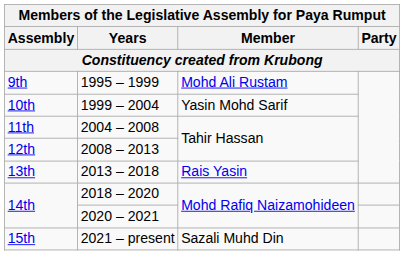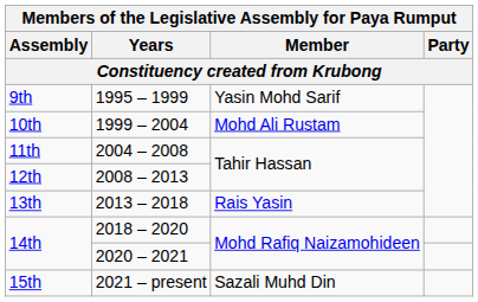 <table class=wikitable>
 <tr>
 <th colspan=4>Members of the Legislative Assembly for Paya Rumput</th>
 </tr>
 <tr>
 <th>Assembly</th>
 <th>Years</th>
 <th>Member</th>
 <th>Party</th>
 </tr>
 <tr>
 <th colspan=4 align=center><em>Constituency created from Krubong</em></th>
 </tr>
 <tr>
 <td><a href='#'>9th</a></td>
 <td>1995 – 1999</td>
-<td><a href='#'>Mohd Ali Rustam</a></td>
+<td>Yasin Mohd Sarif</td>
 <td rowspan="5"></td>
 </tr>
 <tr>
 <td><a href='#'>10th</a></td>
 <td>1999 – 2004</td>
-<td>Yasin Mohd Sarif</td>
+<td><a href='#'>Mohd Ali Rustam</a></td>
 </tr>
 <tr>
 <td><a href='#'>11th</a></td>
 <td>2004 – 2008</td>
 <td rowspan="2">Tahir Hassan</td>
 </tr>
 <tr>
 <td><a href='#'>12th</a></td>
 <td>2008 – 2013</td>
 </tr>
 <tr>
 <td><a href='#'>13th</a></td>
 <td>2013 – 2018</td>
 <td><a href='#'>Rais Yasin</a></td>
 </tr>
 <tr>
 <td rowspan="2"><a href='#'>14th</a></td>
 <td>2018 – 2020</td>
 <td rowspan="2"><a href='#'>Mohd Rafiq Naizamohideen</a></td>
 <td></td>
 </tr>
 <tr>
 <td>2020 – 2021</td>
 <td></td>
 </tr>
 <tr>
 <td rowspan="2"><a href='#'>15th</a></td>
 <td>2021 – present</td>
 <td>Sazali Muhd Din</td>
 <td></td>
 </tr>
 </table>
